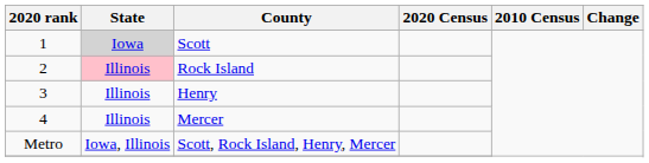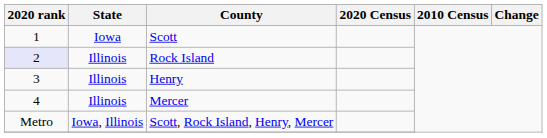 <table class="wikitable sortable" style="text-align:center">
 <tr>
 <th>2020 rank</th>
 <th>State</th>
 <th>County</th>
 <th>2020 Census</th>
 <th>2010 Census</th>
 <th>Change</th>
 </tr>
 <tr>
 <td>1</td>
-<td style="background: lightgrey;"><a href='#'>Iowa</a></td>
+<td><a href='#'>Iowa</a></td>
 <td align=left><a href='#'>Scott</a></td>
 <td></td>
 </tr>
 <tr>
-<td>2</td>
-<td style="background: pink;"><a href='#'>Illinois</a></td>
+<td style="background: lavender;">2</td>
+<td><a href='#'>Illinois</a></td>
 <td align=left><a href='#'>Rock Island</a></td>
 <td></td>
 </tr>
 <tr>
 <td>3</td>
 <td><a href='#'>Illinois</a></td>
 <td align=left><a href='#'>Henry</a></td>
 <td></td>
 </tr>
 <tr>
 <td>4</td>
 <td><a href='#'>Illinois</a></td>
 <td align=left><a href='#'>Mercer</a></td>
 <td></td>
 </tr>
 <tr class="sortbottom">
 <td>Metro</td>
 <td><a href='#'>Iowa</a>, <a href='#'>Illinois</a></td>
 <td align=left><a href='#'>Scott</a>, <a href='#'>Rock Island</a>, <a href='#'>Henry</a>, <a href='#'>Mercer</a></td>
 <td></td>
 </tr>
 <tr>
 </tr>
 </table>
